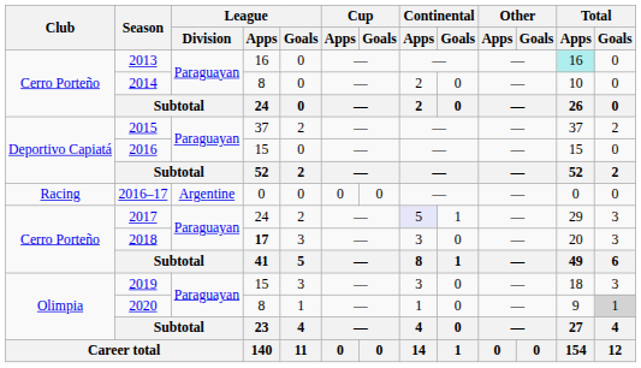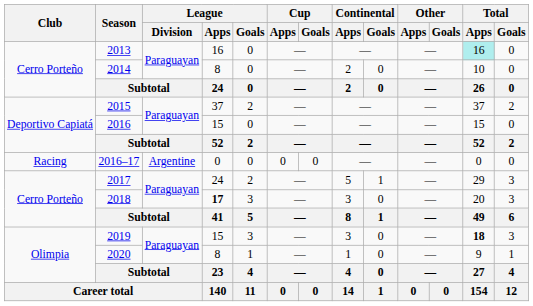 <table class="wikitable" style="text-align: center;">
 <tr>
 <th rowspan="2">Club</th>
 <th rowspan="2">Season</th>
 <th colspan="3">League</th>
 <th colspan="2">Cup</th>
 <th colspan="2">Continental</th>
 <th colspan="2">Other</th>
 <th colspan="2">Total</th>
 </tr>
 <tr>
 <th>Division</th>
 <th>Apps</th>
 <th>Goals</th>
 <th>Apps</th>
 <th>Goals</th>
 <th>Apps</th>
 <th>Goals</th>
 <th>Apps</th>
 <th>Goals</th>
 <th>Apps</th>
 <th>Goals</th>
 </tr>
 <tr>
 <td rowspan="3" align="center"><a href='#'>Cerro Porteño</a></td>
 <td><a href='#'>2013</a></td>
 <td rowspan="2"><a href='#'>Paraguayan</a></td>
 <td>16</td>
 <td>0</td>
 <td colspan="2">—</td>
 <td colspan="2">—</td>
 <td colspan="2">—</td>
 <td style="background: paleturquoise;">16</td>
 <td>0</td>
 </tr>
 <tr>
 <td><a href='#'>2014</a></td>
 <td>8</td>
 <td>0</td>
 <td colspan="2">—</td>
 <td>2</td>
 <td>0</td>
 <td colspan="2">—</td>
 <td>10</td>
 <td>0</td>
 </tr>
 <tr>
 <th colspan="2"><strong>Subtotal</strong></th>
 <th>24</th>
 <th>0</th>
 <th colspan="2">—</th>
 <th>2</th>
 <th>0</th>
 <th colspan="2">—</th>
 <th>26</th>
 <th>0</th>
 </tr>
 <tr>
 <td rowspan="3" align="center"><a href='#'>Deportivo Capiatá</a></td>
 <td><a href='#'>2015</a></td>
 <td rowspan="2"><a href='#'>Paraguayan</a></td>
 <td>37</td>
 <td>2</td>
 <td colspan="2">—</td>
 <td colspan="2">—</td>
 <td colspan="2">—</td>
 <td>37</td>
 <td>2</td>
 </tr>
 <tr>
 <td><a href='#'>2016</a></td>
 <td>15</td>
 <td>0</td>
 <td colspan="2">—</td>
 <td colspan="2">—</td>
 <td colspan="2">—</td>
 <td>15</td>
 <td>0</td>
 </tr>
 <tr>
 <th colspan="2"><strong>Subtotal</strong></th>
 <th>52</th>
 <th>2</th>
 <th colspan="2">—</th>
 <th colspan="2">—</th>
 <th colspan="2">—</th>
 <th>52</th>
 <th>2</th>
 </tr>
 <tr>
 <td align="center"><a href='#'>Racing</a></td>
 <td><a href='#'>2016–17</a></td>
 <td><a href='#'>Argentine</a></td>
 <td>0</td>
 <td>0</td>
 <td>0</td>
 <td>0</td>
 <td colspan="2">—</td>
 <td colspan="2">—</td>
 <td>0</td>
 <td>0</td>
 </tr>
 <tr>
 <td rowspan="3" align="center"><a href='#'>Cerro Porteño</a></td>
 <td><a href='#'>2017</a></td>
 <td rowspan="2"><a href='#'>Paraguayan</a></td>
 <td>24</td>
 <td>2</td>
 <td colspan="2">—</td>
-<td style="background: lavender;">5</td>
+<td>5</td>
 <td>1</td>
 <td colspan="2">—</td>
 <td>29</td>
 <td>3</td>
 </tr>
 <tr>
 <td><a href='#'>2018</a></td>
 <td><strong>17</strong></td>
 <td>3</td>
 <td colspan="2">—</td>
 <td>3</td>
 <td>0</td>
 <td colspan="2">—</td>
 <td>20</td>
 <td>3</td>
 </tr>
 <tr>
 <th colspan="2"><strong>Subtotal</strong></th>
 <th>41</th>
 <th>5</th>
 <th colspan="2">—</th>
 <th>8</th>
 <th>1</th>
 <th colspan="2">—</th>
 <th>49</th>
 <th>6</th>
 </tr>
 <tr>
 <td rowspan="3" align="center"><a href='#'>Olimpia</a></td>
 <td><a href='#'>2019</a></td>
 <td rowspan="2"><a href='#'>Paraguayan</a></td>
 <td>15</td>
 <td>3</td>
 <td colspan="2">—</td>
 <td>3</td>
 <td>0</td>
 <td colspan="2">—</td>
-<td>18</td>
+<td><strong>18</strong></td>
 <td>3</td>
 </tr>
 <tr>
 <td><a href='#'>2020</a></td>
 <td>8</td>
 <td>1</td>
 <td colspan="2">—</td>
 <td>1</td>
 <td>0</td>
 <td colspan="2">—</td>
 <td>9</td>
-<td style="background: lightgrey;">1</td>
+<td>1</td>
 </tr>
 <tr>
 <th colspan="2"><strong>Subtotal</strong></th>
 <th>23</th>
 <th>4</th>
 <th colspan="2">—</th>
 <th>4</th>
 <th>0</th>
 <th colspan="2">—</th>
 <th>27</th>
 <th>4</th>
 </tr>
 <tr>
 <th colspan="3"><strong>Career total</strong></th>
 <th>140</th>
 <th>11</th>
 <th>0</th>
 <th>0</th>
 <th>14</th>
 <th>1</th>
 <th>0</th>
 <th>0</th>
 <th>154</th>
 <th>12</th>
 </tr>
 </table>
